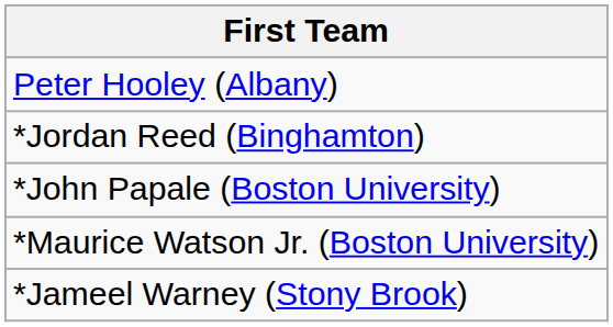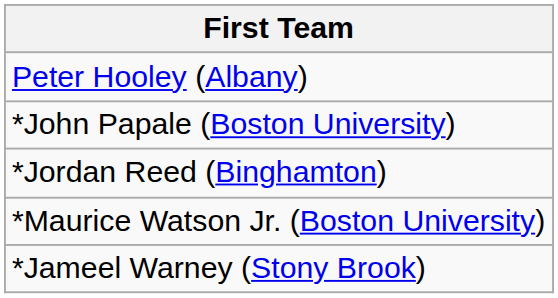 <table class="wikitable">
 <tr>
 <th>First Team</th>
 </tr>
 <tr>
 <td><a href='#'>Peter Hooley</a> (<a href='#'>Albany</a>)</td>
 </tr>
 <tr>
-<td>*Jordan Reed (<a href='#'>Binghamton</a>)</td>
+<td>*John Papale (<a href='#'>Boston University</a>)</td>
 </tr>
 <tr>
-<td>*John Papale (<a href='#'>Boston University</a>)</td>
+<td>*Jordan Reed (<a href='#'>Binghamton</a>)</td>
 </tr>
 <tr>
 <td>*Maurice Watson Jr. (<a href='#'>Boston University</a>)</td>
 </tr>
 <tr>
 <td>*Jameel Warney (<a href='#'>Stony Brook</a>)</td>
 </tr>
 </table>
